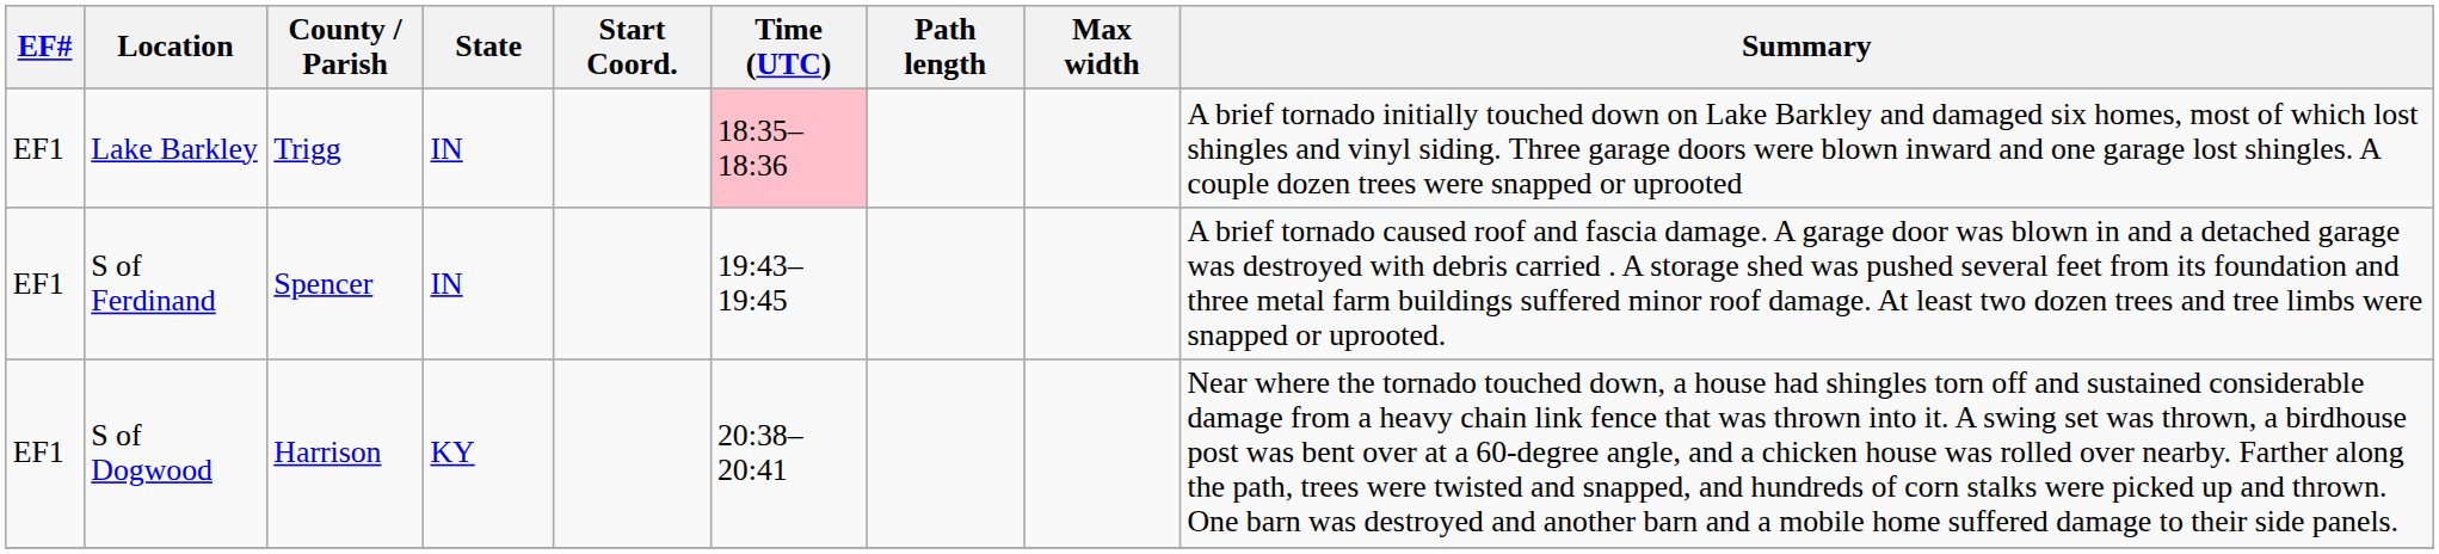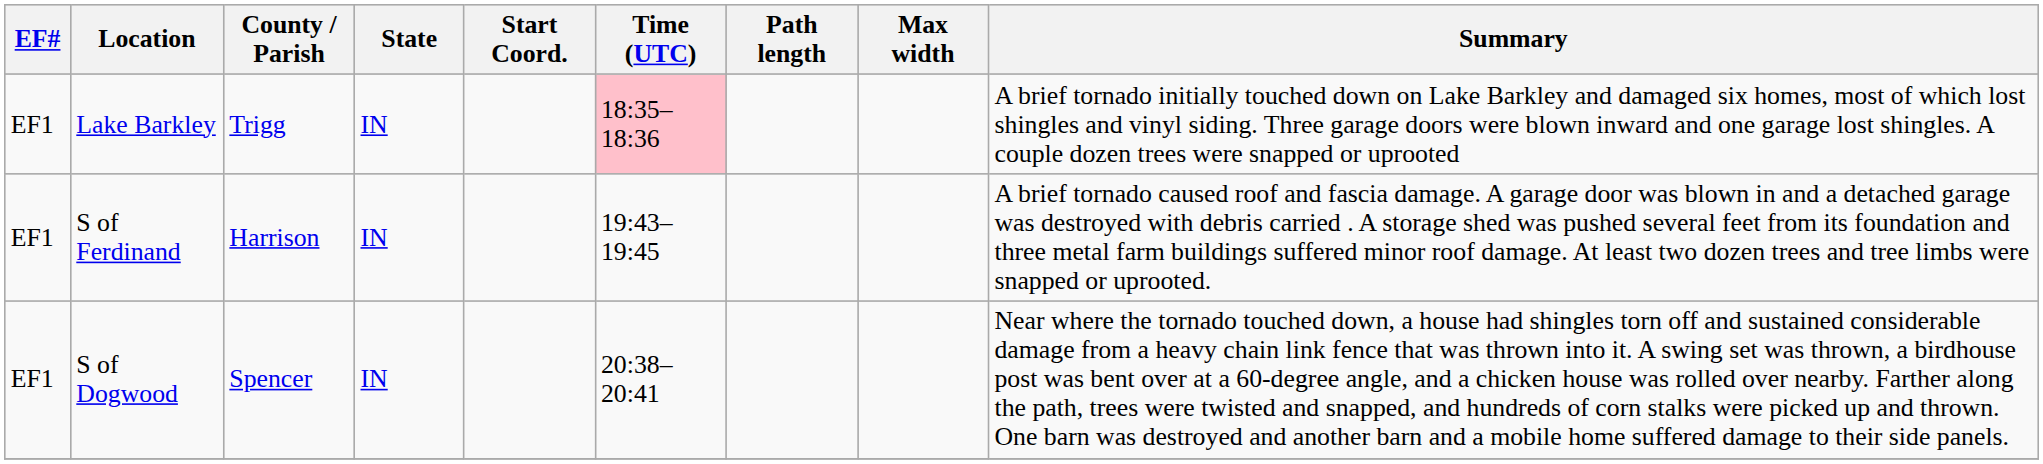 <table class="wikitable sortable" style="width:100%;">
 <tr>
 <th scope="col"  style="width:3%; text-align:center;"><a href='#'>EF#</a></th>
 <th scope="col"  style="width:7%; text-align:center;" class="unsortable">Location</th>
 <th scope="col"  style="width:6%; text-align:center;" class="unsortable">County / Parish</th>
 <th scope="col"  style="width:5%; text-align:center;">State</th>
 <th scope="col"  style="width:6%; text-align:center;">Start Coord.</th>
 <th scope="col"  style="width:6%; text-align:center;">Time (<a href='#'>UTC</a>)</th>
 <th scope="col"  style="width:6%; text-align:center;">Path length</th>
 <th scope="col"  style="width:6%; text-align:center;">Max width</th>
 <th scope="col" class="unsortable" style="width:48%; text-align:center;">Summary</th>
 </tr>
 <tr>
 <td>EF1</td>
 <td><a href='#'>Lake Barkley</a></td>
 <td><a href='#'>Trigg</a></td>
 <td><a href='#'>IN</a></td>
 <td></td>
 <td style="background: pink;">18:35–18:36</td>
 <td></td>
 <td></td>
 <td>A brief tornado initially touched down on Lake Barkley and damaged six homes, most of which lost shingles and vinyl siding. Three garage doors were blown inward and one garage lost shingles. A couple dozen trees were snapped or uprooted</td>
 </tr>
 <tr>
 <td>EF1</td>
 <td>S of <a href='#'>Ferdinand</a></td>
-<td><a href='#'>Spencer</a></td>
+<td><a href='#'>Harrison</a></td>
 <td><a href='#'>IN</a></td>
 <td></td>
 <td>19:43–19:45</td>
 <td></td>
 <td></td>
 <td>A brief tornado caused roof and fascia damage. A garage door was blown in and a detached garage was destroyed with debris carried . A storage shed was pushed several feet from its foundation and three metal farm buildings suffered minor roof damage. At least two dozen trees and tree limbs were snapped or uprooted.</td>
 </tr>
 <tr>
 <td>EF1</td>
 <td>S of <a href='#'>Dogwood</a></td>
-<td><a href='#'>Harrison</a></td>
-<td><a href='#'>KY</a></td>
+<td><a href='#'>Spencer</a></td>
+<td><a href='#'>IN</a></td>
 <td></td>
 <td>20:38–20:41</td>
 <td></td>
 <td></td>
 <td>Near where the tornado touched down, a house had shingles torn off and sustained considerable damage from a heavy chain link fence that was thrown into it. A swing set was thrown, a birdhouse post was bent over at a 60-degree angle, and a chicken house was rolled over nearby. Farther along the path, trees were twisted and snapped, and hundreds of corn stalks were picked up and thrown. One barn was destroyed and another barn and a mobile home suffered damage to their side panels.</td>
 </tr>
 <tr>
 </tr>
 </table>
